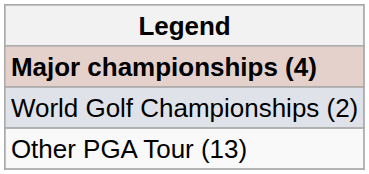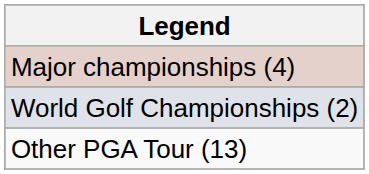 <table class="wikitable" style="font-size:95%;">
 <tr>
 <th>Legend</th>
 </tr>
 <tr style="background:#e5d1cb;">
-<td><strong>Major championships (4)</strong></td>
+<td>Major championships (4)</td>
 </tr>
 <tr style="background:#dfe2e9;">
 <td>World Golf Championships (2)</td>
 </tr>
 <tr>
 <td>Other PGA Tour (13)</td>
 </tr>
 </table>
